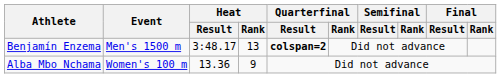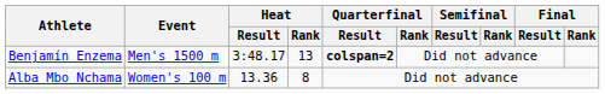 <table class="wikitable" style="font-size:90%">
 <tr>
 <th rowspan="2">Athlete</th>
 <th rowspan="2">Event</th>
 <th colspan="2">Heat</th>
 <th colspan="2">Quarterfinal</th>
 <th colspan="2">Semifinal</th>
 <th colspan="2">Final</th>
 </tr>
 <tr style="font-size:95%">
 <th>Result</th>
 <th>Rank</th>
 <th>Result</th>
 <th>Rank</th>
 <th>Result</th>
 <th>Rank</th>
 <th>Result</th>
 <th>Rank</th>
 </tr>
 <tr align=center>
 <td align=left><a href='#'>Benjamín Enzema</a></td>
 <td align=left><a href='#'>Men's 1500 m</a></td>
 <td>3:48.17</td>
 <td>13</td>
 <td><strong>colspan=2 </strong></td>
 <td colspan="4">Did not advance</td>
 </tr>
 <tr align=center>
 <td align=left><a href='#'>Alba Mbo Nchama</a></td>
 <td align=left><a href='#'>Women's 100 m</a></td>
 <td>13.36</td>
-<td>9</td>
+<td>8</td>
 <td colspan=6>Did not advance</td>
 </tr>
 </table>
